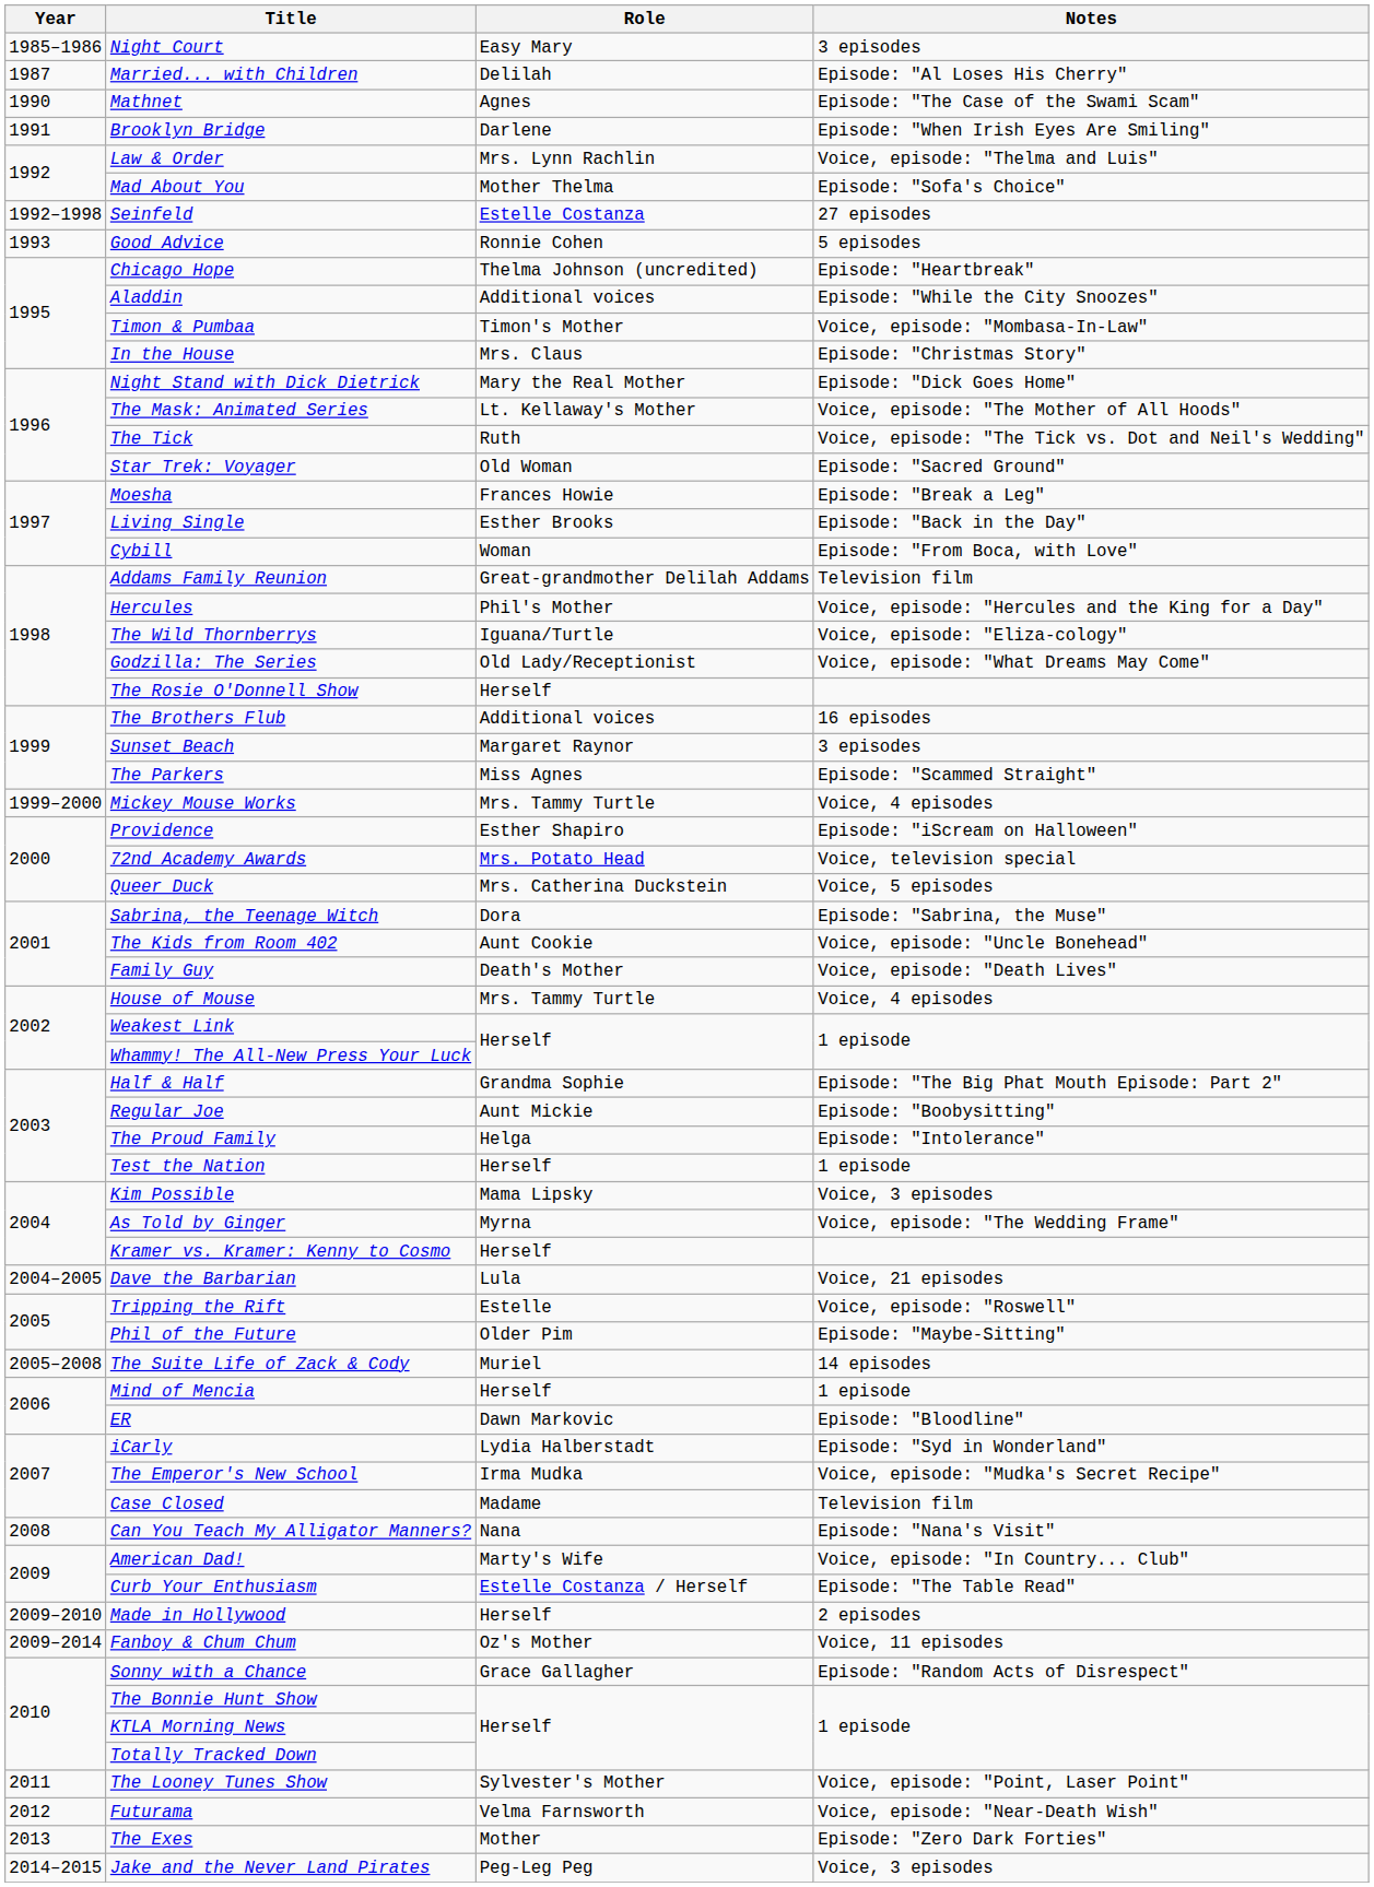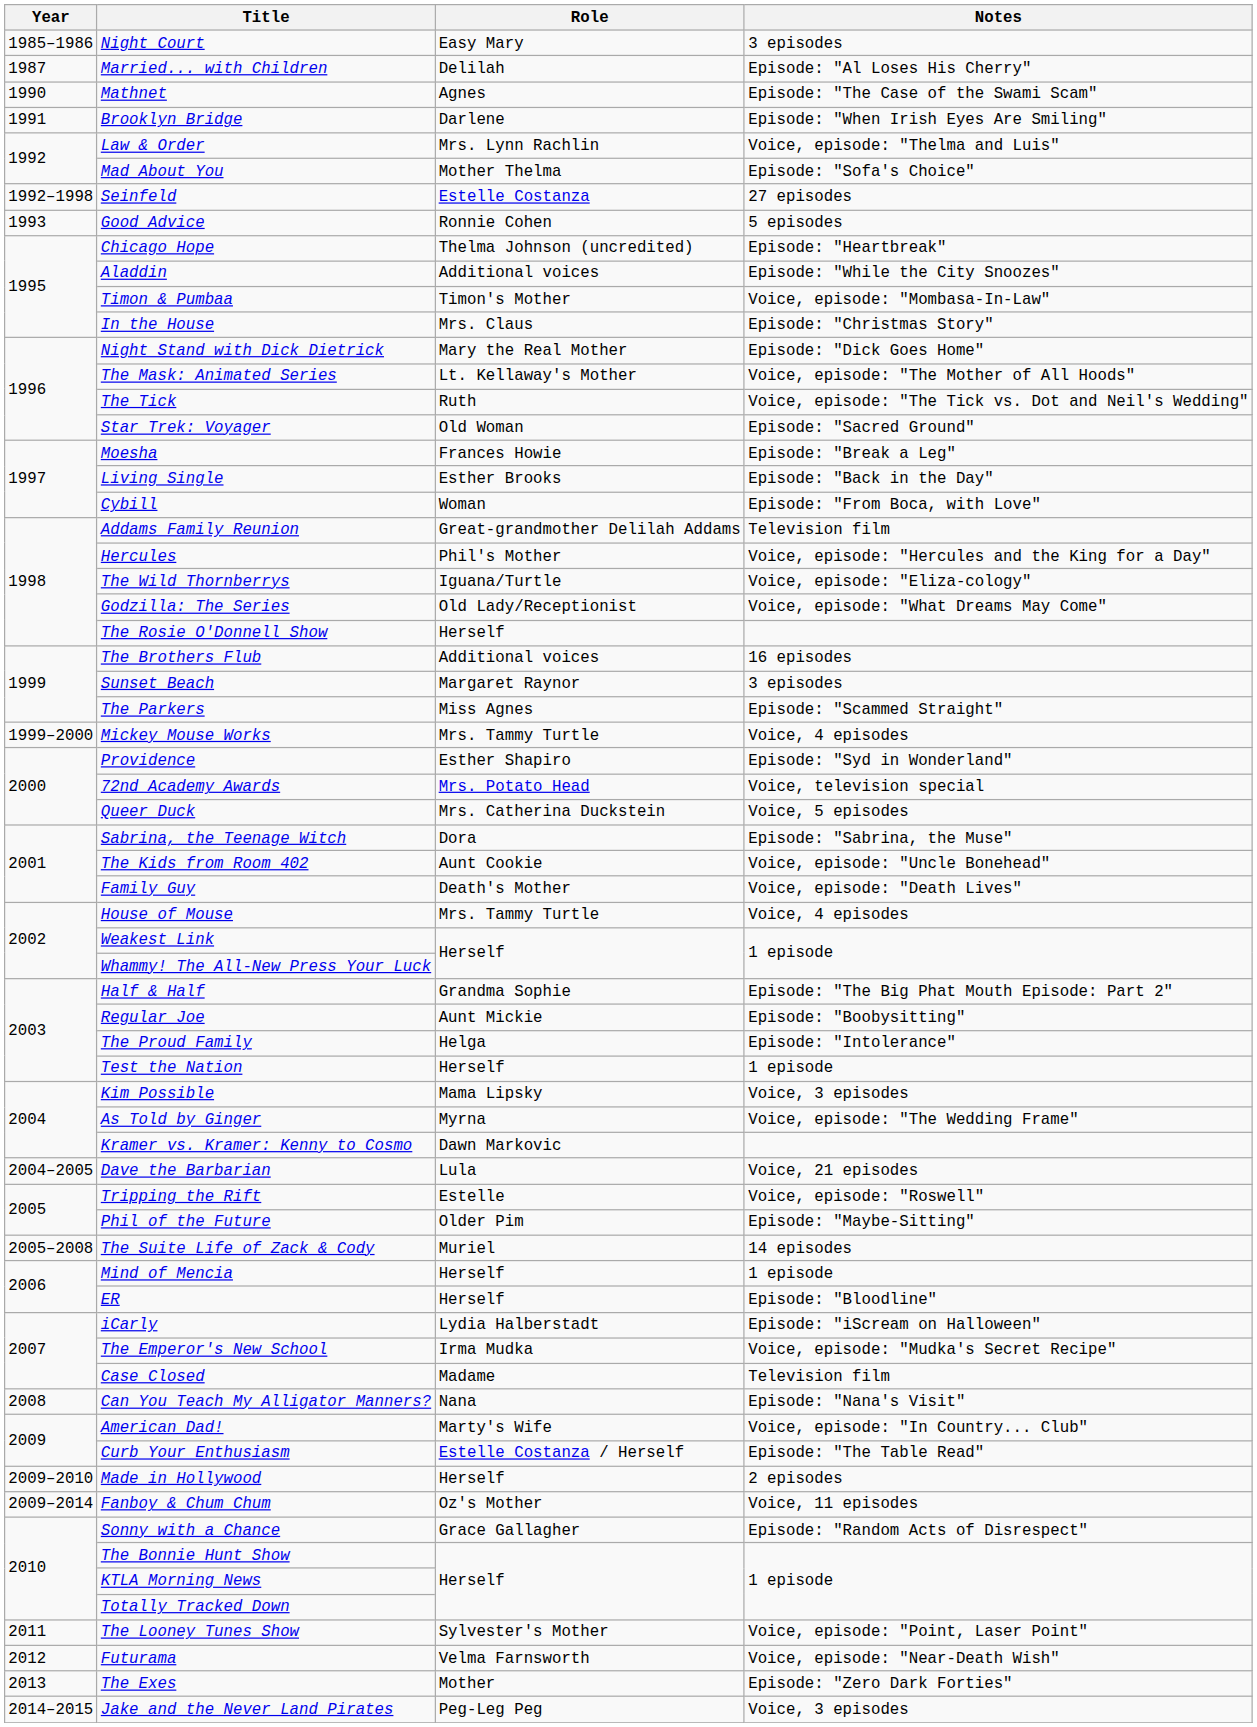 <table class="wikitable sortable">
 <tr>
 <th>Year</th>
 <th>Title</th>
 <th>Role</th>
 <th class="unsortable">Notes</th>
 </tr>
 <tr>
 <td>1985–1986</td>
 <td><em><a href='#'>Night Court</a></em></td>
 <td>Easy Mary</td>
 <td>3 episodes</td>
 </tr>
 <tr>
 <td>1987</td>
 <td><em><a href='#'>Married... with Children</a></em></td>
 <td>Delilah</td>
 <td>Episode: "Al Loses His Cherry"</td>
 </tr>
 <tr>
 <td>1990</td>
 <td><em><a href='#'>Mathnet</a></em></td>
 <td>Agnes</td>
 <td>Episode: "The Case of the Swami Scam"</td>
 </tr>
 <tr>
 <td>1991</td>
 <td><em><a href='#'>Brooklyn Bridge</a></em></td>
 <td>Darlene</td>
 <td>Episode: "When Irish Eyes Are Smiling"</td>
 </tr>
 <tr>
 <td rowspan="2">1992</td>
 <td><em><a href='#'>Law & Order</a></em></td>
 <td>Mrs. Lynn Rachlin</td>
 <td>Voice, episode: "Thelma and Luis"</td>
 </tr>
 <tr>
 <td><em><a href='#'>Mad About You</a></em></td>
 <td>Mother Thelma</td>
 <td>Episode: "Sofa's Choice"</td>
 </tr>
 <tr>
 <td>1992–1998</td>
 <td><em><a href='#'>Seinfeld</a></em></td>
 <td><a href='#'>Estelle Costanza</a></td>
 <td>27 episodes</td>
 </tr>
 <tr>
 <td>1993</td>
 <td><em><a href='#'>Good Advice</a></em></td>
 <td>Ronnie Cohen</td>
 <td>5 episodes</td>
 </tr>
 <tr>
 <td rowspan="4">1995</td>
 <td><em><a href='#'>Chicago Hope</a></em></td>
 <td>Thelma Johnson (uncredited)</td>
 <td>Episode: "Heartbreak"</td>
 </tr>
 <tr>
 <td><em><a href='#'>Aladdin</a></em></td>
 <td>Additional voices</td>
 <td>Episode: "While the City Snoozes"</td>
 </tr>
 <tr>
 <td><em><a href='#'>Timon & Pumbaa</a></em></td>
 <td>Timon's Mother</td>
 <td>Voice, episode: "Mombasa-In-Law"</td>
 </tr>
 <tr>
 <td><em><a href='#'>In the House</a></em></td>
 <td>Mrs. Claus</td>
 <td>Episode: "Christmas Story"</td>
 </tr>
 <tr>
 <td rowspan="4">1996</td>
 <td><em><a href='#'>Night Stand with Dick Dietrick</a></em></td>
 <td>Mary the Real Mother</td>
 <td>Episode: "Dick Goes Home"</td>
 </tr>
 <tr>
 <td><em><a href='#'>The Mask: Animated Series</a></em></td>
 <td>Lt. Kellaway's Mother</td>
 <td>Voice, episode: "The Mother of All Hoods"</td>
 </tr>
 <tr>
 <td><em><a href='#'>The Tick</a></em></td>
 <td>Ruth</td>
 <td>Voice, episode: "The Tick vs. Dot and Neil's Wedding"</td>
 </tr>
 <tr>
 <td><em><a href='#'>Star Trek: Voyager</a></em></td>
 <td>Old Woman</td>
 <td>Episode: "Sacred Ground"</td>
 </tr>
 <tr>
 <td rowspan="3">1997</td>
 <td><em><a href='#'>Moesha</a></em></td>
 <td>Frances Howie</td>
 <td>Episode: "Break a Leg"</td>
 </tr>
 <tr>
 <td><em><a href='#'>Living Single</a></em></td>
 <td>Esther Brooks</td>
 <td>Episode: "Back in the Day"</td>
 </tr>
 <tr>
 <td><em><a href='#'>Cybill</a></em></td>
 <td>Woman</td>
 <td>Episode: "From Boca, with Love"</td>
 </tr>
 <tr>
 <td rowspan="5">1998</td>
 <td><em><a href='#'>Addams Family Reunion</a></em></td>
 <td>Great-grandmother Delilah Addams</td>
 <td>Television film</td>
 </tr>
 <tr>
 <td><em><a href='#'>Hercules</a></em></td>
 <td>Phil's Mother</td>
 <td>Voice, episode: "Hercules and the King for a Day"</td>
 </tr>
 <tr>
 <td><em><a href='#'>The Wild Thornberrys</a></em></td>
 <td>Iguana/Turtle</td>
 <td>Voice, episode: "Eliza-cology"</td>
 </tr>
 <tr>
 <td><em><a href='#'>Godzilla: The Series</a></em></td>
 <td>Old Lady/Receptionist</td>
 <td>Voice, episode: "What Dreams May Come"</td>
 </tr>
 <tr>
 <td><em><a href='#'>The Rosie O'Donnell Show</a></em></td>
 <td>Herself</td>
 <td></td>
 </tr>
 <tr>
 <td rowspan="3">1999</td>
 <td><em><a href='#'>The Brothers Flub</a></em></td>
 <td>Additional voices</td>
 <td>16 episodes</td>
 </tr>
 <tr>
 <td><em><a href='#'>Sunset Beach</a></em></td>
 <td>Margaret Raynor</td>
 <td>3 episodes</td>
 </tr>
 <tr>
 <td><em><a href='#'>The Parkers</a></em></td>
 <td>Miss Agnes</td>
 <td>Episode: "Scammed Straight"</td>
 </tr>
 <tr>
 <td>1999–2000</td>
 <td><em><a href='#'>Mickey Mouse Works</a></em></td>
 <td>Mrs. Tammy Turtle</td>
 <td>Voice, 4 episodes</td>
 </tr>
 <tr>
 <td rowspan="3">2000</td>
 <td><em><a href='#'>Providence</a></em></td>
 <td>Esther Shapiro</td>
-<td>Episode: "iScream on Halloween"</td>
+<td>Episode: "Syd in Wonderland"</td>
 </tr>
 <tr>
 <td><em><a href='#'>72nd Academy Awards</a></em></td>
 <td><a href='#'>Mrs. Potato Head</a></td>
 <td>Voice, television special</td>
 </tr>
 <tr>
 <td><em><a href='#'>Queer Duck</a></em></td>
 <td>Mrs. Catherina Duckstein</td>
 <td>Voice, 5 episodes</td>
 </tr>
 <tr>
 <td rowspan="3">2001</td>
 <td><em><a href='#'>Sabrina, the Teenage Witch</a></em></td>
 <td>Dora</td>
 <td>Episode: "Sabrina, the Muse"</td>
 </tr>
 <tr>
 <td><em><a href='#'>The Kids from Room 402</a></em></td>
 <td>Aunt Cookie</td>
 <td>Voice, episode: "Uncle Bonehead"</td>
 </tr>
 <tr>
 <td><em><a href='#'>Family Guy</a></em></td>
 <td>Death's Mother</td>
 <td>Voice, episode: "Death Lives"</td>
 </tr>
 <tr>
 <td rowspan="3">2002</td>
 <td><em><a href='#'>House of Mouse</a></em></td>
 <td>Mrs. Tammy Turtle</td>
 <td>Voice, 4 episodes</td>
 </tr>
 <tr>
 <td><em><a href='#'>Weakest Link</a></em></td>
 <td rowspan="2">Herself</td>
 <td rowspan="2">1 episode</td>
 </tr>
 <tr>
 <td><em><a href='#'>Whammy! The All-New Press Your Luck</a></em></td>
 </tr>
 <tr>
 <td rowspan="4">2003</td>
 <td><em><a href='#'>Half & Half</a></em></td>
 <td>Grandma Sophie</td>
 <td>Episode: "The Big Phat Mouth Episode: Part 2"</td>
 </tr>
 <tr>
 <td><em><a href='#'>Regular Joe</a></em></td>
 <td>Aunt Mickie</td>
 <td>Episode: "Boobysitting"</td>
 </tr>
 <tr>
 <td><em><a href='#'>The Proud Family</a></em></td>
 <td>Helga</td>
 <td>Episode: "Intolerance"</td>
 </tr>
 <tr>
 <td><em><a href='#'>Test the Nation</a></em></td>
 <td>Herself</td>
 <td>1 episode</td>
 </tr>
 <tr>
 <td rowspan="3">2004</td>
 <td><em><a href='#'>Kim Possible</a></em></td>
 <td>Mama Lipsky</td>
 <td>Voice, 3 episodes</td>
 </tr>
 <tr>
 <td><em><a href='#'>As Told by Ginger</a></em></td>
 <td>Myrna</td>
 <td>Voice, episode: "The Wedding Frame"</td>
 </tr>
 <tr>
 <td><em><a href='#'>Kramer vs. Kramer: Kenny to Cosmo</a></em></td>
-<td>Herself</td>
+<td>Dawn Markovic</td>
 <td></td>
 </tr>
 <tr>
 <td>2004–2005</td>
 <td><em><a href='#'>Dave the Barbarian</a></em></td>
 <td>Lula</td>
 <td>Voice, 21 episodes</td>
 </tr>
 <tr>
 <td rowspan="2">2005</td>
 <td><em><a href='#'>Tripping the Rift</a></em></td>
 <td>Estelle</td>
 <td>Voice, episode: "Roswell"</td>
 </tr>
 <tr>
 <td><em><a href='#'>Phil of the Future</a></em></td>
 <td>Older Pim</td>
 <td>Episode: "Maybe-Sitting"</td>
 </tr>
 <tr>
 <td>2005–2008</td>
 <td><em><a href='#'>The Suite Life of Zack & Cody</a></em></td>
 <td>Muriel</td>
 <td>14 episodes</td>
 </tr>
 <tr>
 <td rowspan="2">2006</td>
 <td><em><a href='#'>Mind of Mencia</a></em></td>
 <td>Herself</td>
 <td>1 episode</td>
 </tr>
 <tr>
 <td><em><a href='#'>ER</a></em></td>
-<td>Dawn Markovic</td>
+<td>Herself</td>
 <td>Episode: "Bloodline"</td>
 </tr>
 <tr>
 <td rowspan="3">2007</td>
 <td><em><a href='#'>iCarly</a></em></td>
 <td>Lydia Halberstadt</td>
-<td>Episode: "Syd in Wonderland"</td>
+<td>Episode: "iScream on Halloween"</td>
 </tr>
 <tr>
 <td><em><a href='#'>The Emperor's New School</a></em></td>
 <td>Irma Mudka</td>
 <td>Voice, episode: "Mudka's Secret Recipe"</td>
 </tr>
 <tr>
 <td><em><a href='#'>Case Closed</a></em></td>
 <td>Madame</td>
 <td>Television film</td>
 </tr>
 <tr>
 <td>2008</td>
 <td><em><a href='#'>Can You Teach My Alligator Manners?</a></em></td>
 <td>Nana</td>
 <td>Episode: "Nana's Visit"</td>
 </tr>
 <tr>
 <td rowspan="2">2009</td>
 <td><em><a href='#'>American Dad!</a></em></td>
 <td>Marty's Wife</td>
 <td>Voice, episode: "In Country... Club"</td>
 </tr>
 <tr>
 <td><em><a href='#'>Curb Your Enthusiasm</a></em></td>
 <td><a href='#'>Estelle Costanza</a> / Herself</td>
 <td>Episode: "The Table Read"</td>
 </tr>
 <tr>
 <td>2009–2010</td>
 <td><em><a href='#'>Made in Hollywood</a></em></td>
 <td>Herself</td>
 <td>2 episodes</td>
 </tr>
 <tr>
 <td>2009–2014</td>
 <td><em><a href='#'>Fanboy & Chum Chum</a></em></td>
 <td>Oz's Mother</td>
 <td>Voice, 11 episodes</td>
 </tr>
 <tr>
 <td rowspan="4">2010</td>
 <td><em><a href='#'>Sonny with a Chance</a></em></td>
 <td>Grace Gallagher</td>
 <td>Episode: "Random Acts of Disrespect"</td>
 </tr>
 <tr>
 <td><em><a href='#'>The Bonnie Hunt Show</a></em></td>
 <td rowspan="3">Herself</td>
 <td rowspan="3">1 episode</td>
 </tr>
 <tr>
 <td><em><a href='#'>KTLA Morning News</a></em></td>
 </tr>
 <tr>
 <td><em><a href='#'>Totally Tracked Down</a></em></td>
 </tr>
 <tr>
 <td>2011</td>
 <td><em><a href='#'>The Looney Tunes Show</a></em></td>
 <td>Sylvester's Mother</td>
 <td>Voice, episode: "Point, Laser Point"</td>
 </tr>
 <tr>
 <td>2012</td>
 <td><em><a href='#'>Futurama</a></em></td>
 <td>Velma Farnsworth</td>
 <td>Voice, episode: "Near-Death Wish"</td>
 </tr>
 <tr>
 <td>2013</td>
 <td><em><a href='#'>The Exes</a></em></td>
 <td>Mother</td>
 <td>Episode: "Zero Dark Forties"</td>
 </tr>
 <tr>
 <td>2014–2015</td>
 <td><em><a href='#'>Jake and the Never Land Pirates</a></em></td>
 <td>Peg-Leg Peg</td>
 <td>Voice, 3 episodes</td>
 </tr>
 </table>
